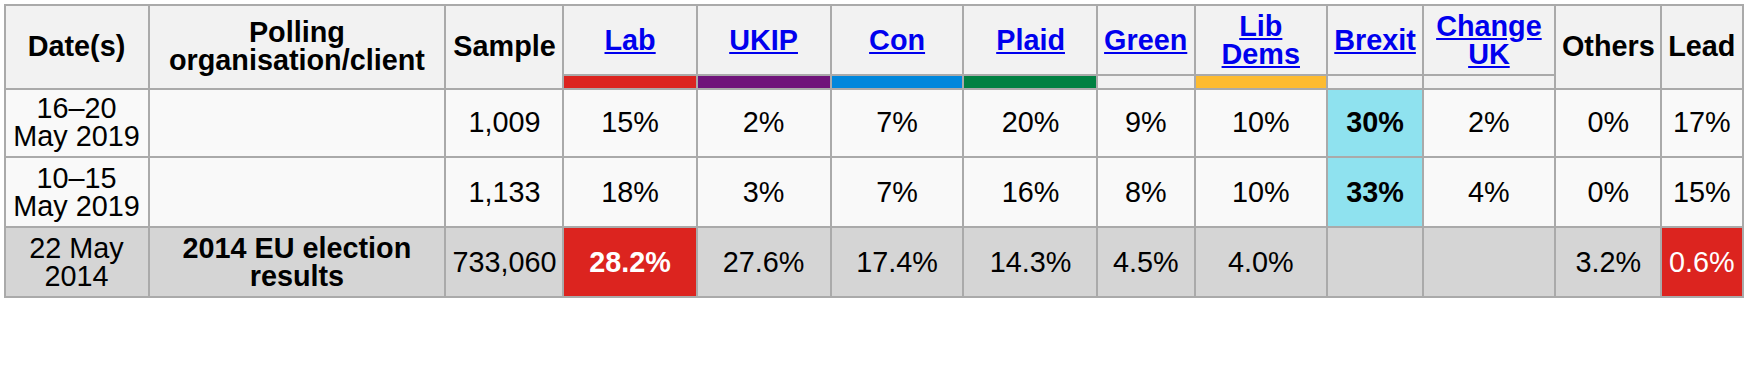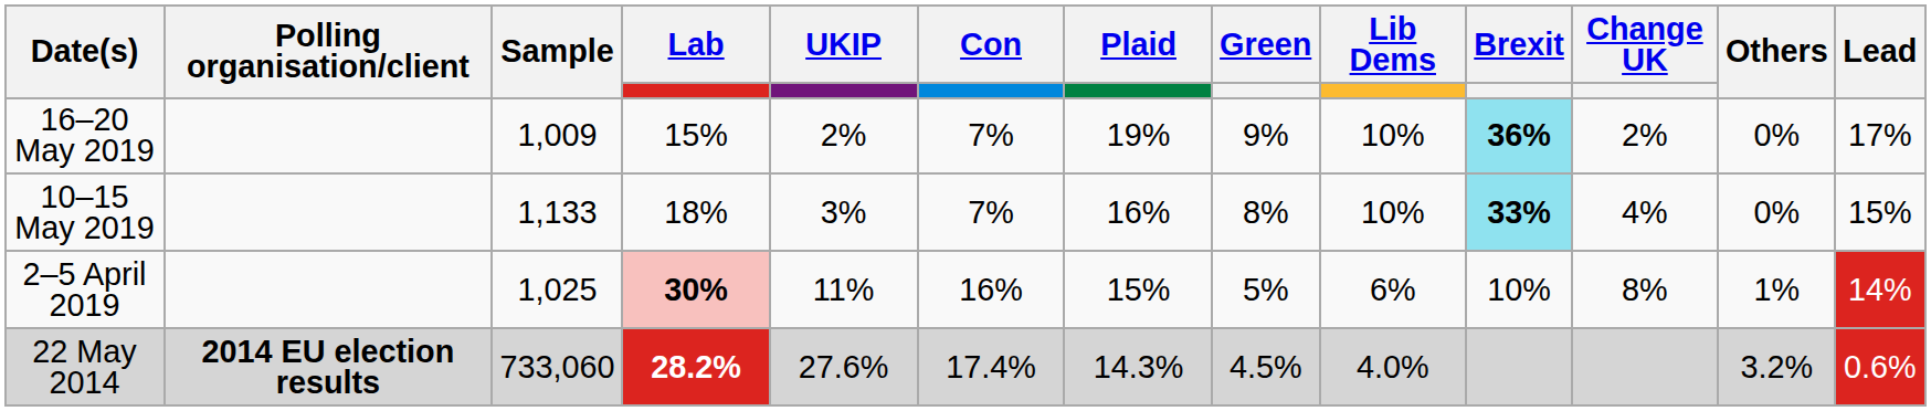 <table class="wikitable sortable" style="text-align:center;font-size:90%;line-height:14px">
 <tr>
 <th rowspan="2">Date(s)</th>
 <th rowspan="2">Polling organisation/client</th>
 <th rowspan="2" class="unsortable">Sample</th>
 <th><a href='#'>Lab</a></th>
 <th><a href='#'>UKIP</a></th>
 <th><a href='#'>Con</a></th>
 <th><a href='#'>Plaid</a></th>
 <th><a href='#'>Green</a></th>
 <th><a href='#'>Lib Dems</a></th>
 <th><a href='#'>Brexit</a></th>
 <th><a href='#'>Change UK</a></th>
 <th rowspan="2" class="unsortable">Others</th>
 <th rowspan="2" class="unsortable">Lead</th>
 </tr>
 <tr>
 <th class="unsortable" style="color:inherit;background:#dc241f; width:60px;"></th>
 <th class="unsortable" style="color:inherit;background:#70147a; width:60px;"></th>
 <th class="unsortable" style="color:inherit;background:#0087dc; width:60px;"></th>
 <th class="unsortable" style="color:inherit;background:#008142; width:60px;"></th>
 <th class="unsortable" style="color:inherit;background:"></th>
 <th class="unsortable" style="color:inherit;background:#fdbb30; width:60px;"></th>
 <th class="unsortable" style="color:inherit;background:"></th>
 <th class="unsortable" style="color:inherit;background:"></th>
 </tr>
 <tr>
 <td>16–20 May 2019</td>
 <td></td>
 <td>1,009</td>
 <td>15%</td>
 <td>2%</td>
 <td>7%</td>
-<td>20%</td>
+<td>19%</td>
 <td>9%</td>
 <td>10%</td>
-<td style="background:#8fe2ef;"><strong>30%</strong></td>
+<td style="background:#8fe2ef;"><strong>36%</strong></td>
 <td>2%</td>
 <td>0%</td>
 <td style="background:">17%</td>
 </tr>
 <tr>
 <td>10–15 May 2019</td>
 <td></td>
 <td>1,133</td>
 <td>18%</td>
 <td>3%</td>
 <td>7%</td>
 <td>16%</td>
 <td>8%</td>
 <td>10%</td>
 <td style="background:#8fe2ef;"><strong>33%</strong></td>
 <td>4%</td>
 <td>0%</td>
 <td style="background:">15%</td>
 </tr>
 <tr>
+<td>2–5 April 2019</td>
+<td></td>
+<td>1,025</td>
+<td style="background:#F8C1BE"><strong>30%</strong></td>
+<td>11%</td>
+<td>16%</td>
+<td>15%</td>
+<td>5%</td>
+<td>6%</td>
+<td>10%</td>
+<td>8%</td>
+<td>1%</td>
+<td style="background:#DC241F; color:white;">14%</td>
+</tr>
+<tr>
 <td style="background:#D5D5D5">22 May 2014</td>
 <td style="background:#D5D5D5"><strong>2014 EU election results</strong></td>
 <td style="background:#D5D5D5">733,060</td>
 <td style="background:#DC241F; color:white;"><strong>28.2%</strong></td>
 <td style="background:#D5D5D5">27.6%</td>
 <td style="background:#D5D5D5">17.4%</td>
 <td style="background:#D5D5D5">14.3%</td>
 <td style="background:#D5D5D5">4.5%</td>
 <td style="background:#D5D5D5">4.0%</td>
 <td style="background:#D5D5D5"></td>
 <td style="background:#D5D5D5"></td>
 <td style="background:#D5D5D5">3.2%</td>
 <td style="background:#DC241F; color:white;">0.6%</td>
 </tr>
 </table>
